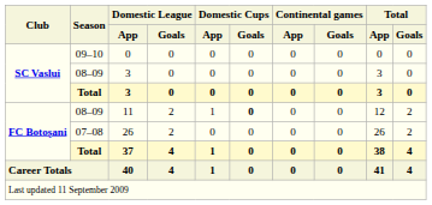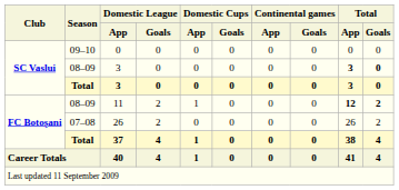 <table border=1 align=center cellpadding=4 cellspacing=2 style="background: ivory; font-size: 95%; border: 1px #aaaaaa solid; border-collapse: collapse; clear:center">
 <tr style="background:beige">
 <th rowspan="2">Club</th>
 <th rowspan="2">Season</th>
 <th colspan="2">Domestic League</th>
 <th colspan="2">Domestic Cups</th>
 <th colspan="2">Continental games</th>
 <th colspan="2">Total</th>
 </tr>
 <tr style="background:beige">
 <th>App</th>
 <th>Goals</th>
 <th>App</th>
 <th>Goals</th>
 <th>App</th>
 <th>Goals</th>
 <th>App</th>
 <th>Goals</th>
 </tr>
 <tr>
 <td rowspan="3" align=center valign=center><strong><a href='#'>SC Vaslui</a></strong></td>
 <td align="center">09–10</td>
 <td align="center">0</td>
 <td align="center">0</td>
 <td align="center">0</td>
 <td align="center">0</td>
 <td align="center">0</td>
 <td align="center">0</td>
 <td align="center">0</td>
 <td align="center">0</td>
 </tr>
 <tr>
 <td align="center">08–09</td>
 <td align="center">3</td>
 <td align="center">0</td>
 <td align="center">0</td>
 <td align="center">0</td>
 <td align="center">0</td>
 <td align="center">0</td>
-<td align="center">3</td>
-<td align="center">0</td>
+<td align="center"><strong>3</strong></td>
+<td align="center"><strong>0</strong></td>
 </tr>
 <tr style="background:lemonchiffon">
 <th>Total</th>
 <th>3</th>
 <th>0</th>
 <th>0</th>
 <th>0</th>
 <th>0</th>
 <th>0</th>
 <th>3</th>
 <th>0</th>
 </tr>
 <tr>
 <td rowspan="3" align=center valign=center><strong><a href='#'>FC Botoşani</a></strong></td>
 <td align="center">08–09</td>
 <td align="center">11</td>
 <td align="center">2</td>
 <td align="center">1</td>
-<td align="center"><strong>0</strong></td>
 <td align="center">0</td>
 <td align="center">0</td>
-<td align="center">12</td>
-<td align="center">2</td>
+<td align="center">0</td>
+<td align="center"><strong>12</strong></td>
+<td align="center"><strong>2</strong></td>
 </tr>
 <tr>
 <td align="center">07–08</td>
 <td align="center">26</td>
 <td align="center">2</td>
 <td align="center">0</td>
 <td align="center">0</td>
 <td align="center">0</td>
 <td align="center">0</td>
 <td align="center">26</td>
 <td align="center">2</td>
 </tr>
 <tr style="background:lemonchiffon">
 <th>Total</th>
 <th>37</th>
 <th>4</th>
 <th>1</th>
 <th>0</th>
 <th>0</th>
 <th>0</th>
 <th>38</th>
 <th>4</th>
 </tr>
 <tr>
 <th style="background:beige" colspan="2" align="left">Career Totals</th>
 <th style="background:beige">40</th>
 <th style="background:beige">4</th>
 <th style="background:beige">1</th>
 <th style="background:beige">0</th>
 <th style="background:beige">0</th>
 <th style="background:beige">0</th>
 <th style="background:beige">41</th>
 <th style="background:beige">4</th>
 </tr>
 <tr>
 <td colspan="12"><small>Last updated 11 September 2009</small></td>
 </tr>
 </table>
